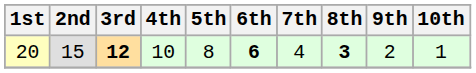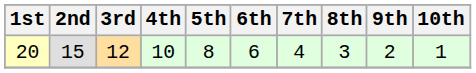 <table class="wikitable" style="font-size:85%; text-align:center;">
 <tr>
 <th>1st</th>
 <th>2nd</th>
 <th>3rd</th>
 <th>4th</th>
 <th>5th</th>
 <th>6th</th>
 <th>7th</th>
 <th>8th</th>
 <th>9th</th>
 <th>10th</th>
 </tr>
 <tr>
 <td style="background:#ffffbf;">20</td>
 <td style="background:#dfdfdf;">15</td>
-<td style="background:#ffdf9f;"><strong>12</strong></td>
+<td style="background:#ffdf9f;">12</td>
 <td style="background:#dfffdf;">10</td>
 <td style="background:#dfffdf;">8</td>
-<td style="background:#dfffdf;"><strong>6</strong></td>
+<td style="background:#dfffdf;">6</td>
 <td style="background:#dfffdf;">4</td>
-<td style="background:#dfffdf;"><strong>3</strong></td>
+<td style="background:#dfffdf;">3</td>
 <td style="background:#dfffdf;">2</td>
 <td style="background:#dfffdf;">1</td>
 </tr>
 <tr>
 </tr>
 </table>
